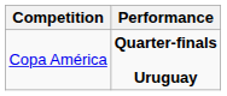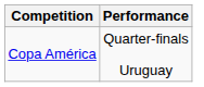 <table class="wikitable">
 <tr>
 <th>Competition</th>
 <th>Performance</th>
 </tr>
 <tr>
 <td><a href='#'>Copa América</a></td>
-<td align=center><strong>Quarter-finals<br><br> Uruguay</strong></td>
+<td align=center>Quarter-finals<br><br> Uruguay</td>
 </tr>
 </table>
